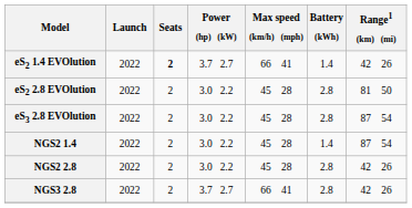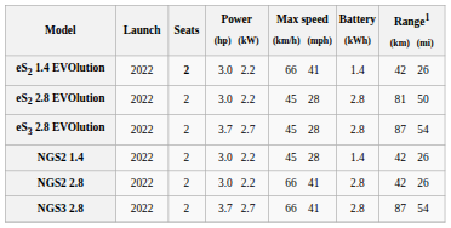 <table class="wikitable" style="text-align:center;font-size:90%;line-height:180%;">
 <tr>
 <td style="text-align: center;width: 100pt;background: #f2f2f2"><strong>Model</strong></td>
 <td style="text-align: center;width: 45pt;background: #f2f2f2"><strong>Launch</strong></td>
 <td style="text-align: center;width: 30pt;background: #f2f2f2"><strong>Seats</strong></td>
 <td style="text-align: center;width: 55pt;background: #f2f2f2"><strong>Power<br><small>(hp)   (kW)</small></strong></td>
 <td style="text-align: center;width: 60pt;background: #f2f2f2"><strong>Max speed<br><small>(km/h)   (mph)</small></strong></td>
 <td style="text-align: center;width: 35pt;background: #f2f2f2"><strong>Battery<br><small>(kWh)</small></strong></td>
 <td style="text-align: center;width: 58pt;background: #f2f2f2"><strong>Range<sup>1</sup><br><small>(km)   (mi)</small></strong></td>
 </tr>
 <tr>
 <td style="text-align: center;background: #f2f2f2"><strong>eS<sub>2</sub> 1.4 EVOlution</strong></td>
 <td style="text-align: center">2022</td>
 <td style="text-align: center"><strong>2</strong></td>
-<td style="text-align: center">3.7   2.7</td>
+<td style="text-align: center">3.0   2.2</td>
 <td style="text-align: center">66    41</td>
 <td style="text-align: center">1.4</td>
 <td style="text-align: center">42    26</td>
 </tr>
 <tr>
 <td style="text-align: center;background: #f2f2f2"><strong>eS<sub>2</sub> 2.8 EVOlution</strong></td>
 <td style="text-align: center">2022</td>
 <td style="text-align: center">2</td>
 <td style="text-align: center">3.0   2.2</td>
 <td style="text-align: center">45    28</td>
 <td style="text-align: center">2.8</td>
 <td style="text-align: center">81    50</td>
 </tr>
 <tr>
 <td style="text-align: center;background: #f2f2f2"><strong>eS<sub>3</sub> 2.8 EVOlution</strong></td>
 <td style="text-align: center">2022</td>
 <td style="text-align: center">2</td>
-<td style="text-align: center">3.0   2.2</td>
+<td style="text-align: center">3.7   2.7</td>
 <td style="text-align: center">45    28</td>
 <td style="text-align: center">2.8</td>
 <td style="text-align: center">87    54</td>
 </tr>
 <tr>
 <td style="text-align: center;background: #f2f2f2"><strong>NGS2 1.4</strong></td>
 <td style="text-align: center">2022</td>
 <td style="text-align: center">2</td>
 <td style="text-align: center">3.0   2.2</td>
 <td style="text-align: center">45    28</td>
 <td style="text-align: center">1.4</td>
-<td style="text-align: center">87    54</td>
+<td style="text-align: center">42    26</td>
 </tr>
 <tr>
 <td style="text-align: center;background: #f2f2f2"><strong>NGS2 2.8</strong></td>
 <td style="text-align: center">2022</td>
 <td style="text-align: center">2</td>
 <td style="text-align: center">3.0   2.2</td>
-<td style="text-align: center">45    28</td>
+<td style="text-align: center">66    41</td>
 <td style="text-align: center">2.8</td>
 <td style="text-align: center">42    26</td>
 </tr>
 <tr>
 <td style="text-align: center;background: #f2f2f2"><strong>NGS3 2.8</strong></td>
 <td style="text-align: center">2022</td>
 <td style="text-align: center">2</td>
 <td style="text-align: center">3.7   2.7</td>
 <td style="text-align: center">66    41</td>
 <td style="text-align: center">2.8</td>
-<td style="text-align: center">42    26</td>
+<td style="text-align: center">87    54</td>
 </tr>
 <tr>
 </tr>
 </table>
